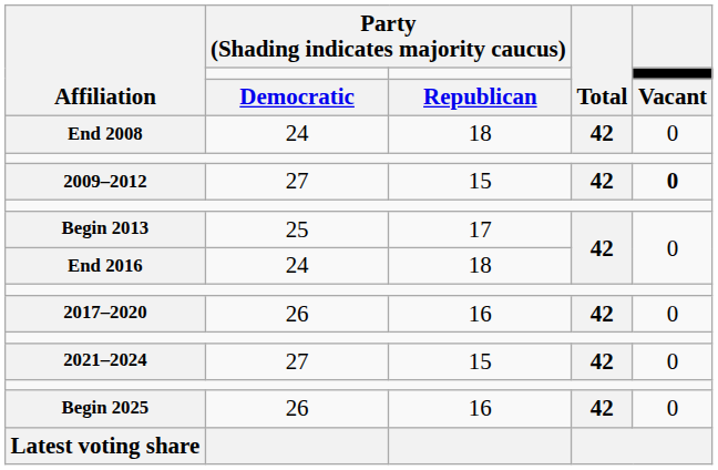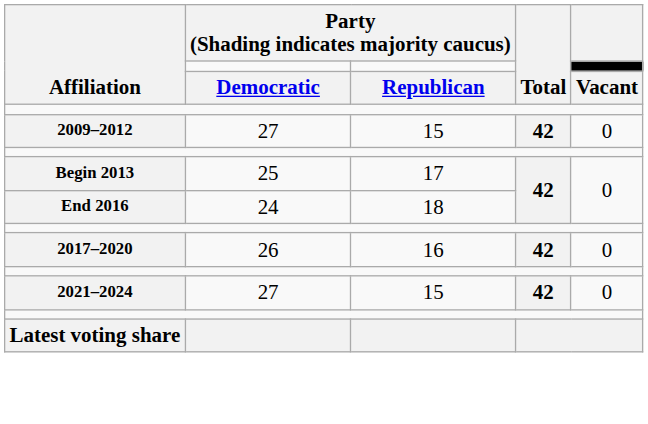 <table class=wikitable style="text-align:center">
 <tr style="vertical-align:bottom;">
 <th rowspan=3>Affiliation</th>
 <th colspan=2>Party <div>(Shading indicates majority caucus)</div></th>
 <th rowspan=3>Total</th>
 <th></th>
 </tr>
 <tr style="height:5px">
 <td style="background-color:"></td>
 <td style="background-color:"></td>
 <td style="background: black"></td>
 </tr>
 <tr>
 <th><a href='#'>Democratic</a></th>
 <th><a href='#'>Republican</a></th>
 <th>Vacant</th>
 </tr>
 <tr>
-<th nowrap style="font-size:80%">End 2008</th>
-<td>24</td>
-<td>18</td>
-<th>42</th>
-<td>0</td>
-</tr>
-<tr>
 <td colspan=5></td>
 </tr>
 <tr>
 <th nowrap style="font-size:80%">2009–2012</th>
 <td>27</td>
 <td>15</td>
 <th>42</th>
-<td><strong>0</strong></td>
+<td>0</td>
 </tr>
 <tr>
 <td colspan=5></td>
 </tr>
 <tr>
 <th nowrap style="font-size:80%">Begin 2013</th>
 <td>25</td>
 <td>17</td>
 <th rowspan=2>42</th>
 <td rowspan=2>0</td>
 </tr>
 <tr>
 <th nowrap style="font-size:80%">End 2016</th>
 <td>24</td>
 <td>18</td>
 </tr>
 <tr>
 <td colspan=5></td>
 </tr>
 <tr>
 <th nowrap style="font-size:80%">2017–2020</th>
 <td>26</td>
 <td>16</td>
 <th>42</th>
 <td>0</td>
 </tr>
 <tr>
 <td colspan=5></td>
 </tr>
 <tr>
 <th nowrap style="font-size:80%">2021–2024</th>
 <td>27</td>
 <td>15</td>
 <th>42</th>
 <td>0</td>
 </tr>
 <tr>
 <td colspan=5></td>
 </tr>
 <tr>
-<th nowrap style="font-size:80%">Begin 2025</th>
-<td>26</td>
-<td>16</td>
-<th>42</th>
-<td>0</td>
-</tr>
-<tr>
 <th>Latest voting share</th>
 <th></th>
 <th></th>
 <th colspan=2></th>
 </tr>
 </table>
